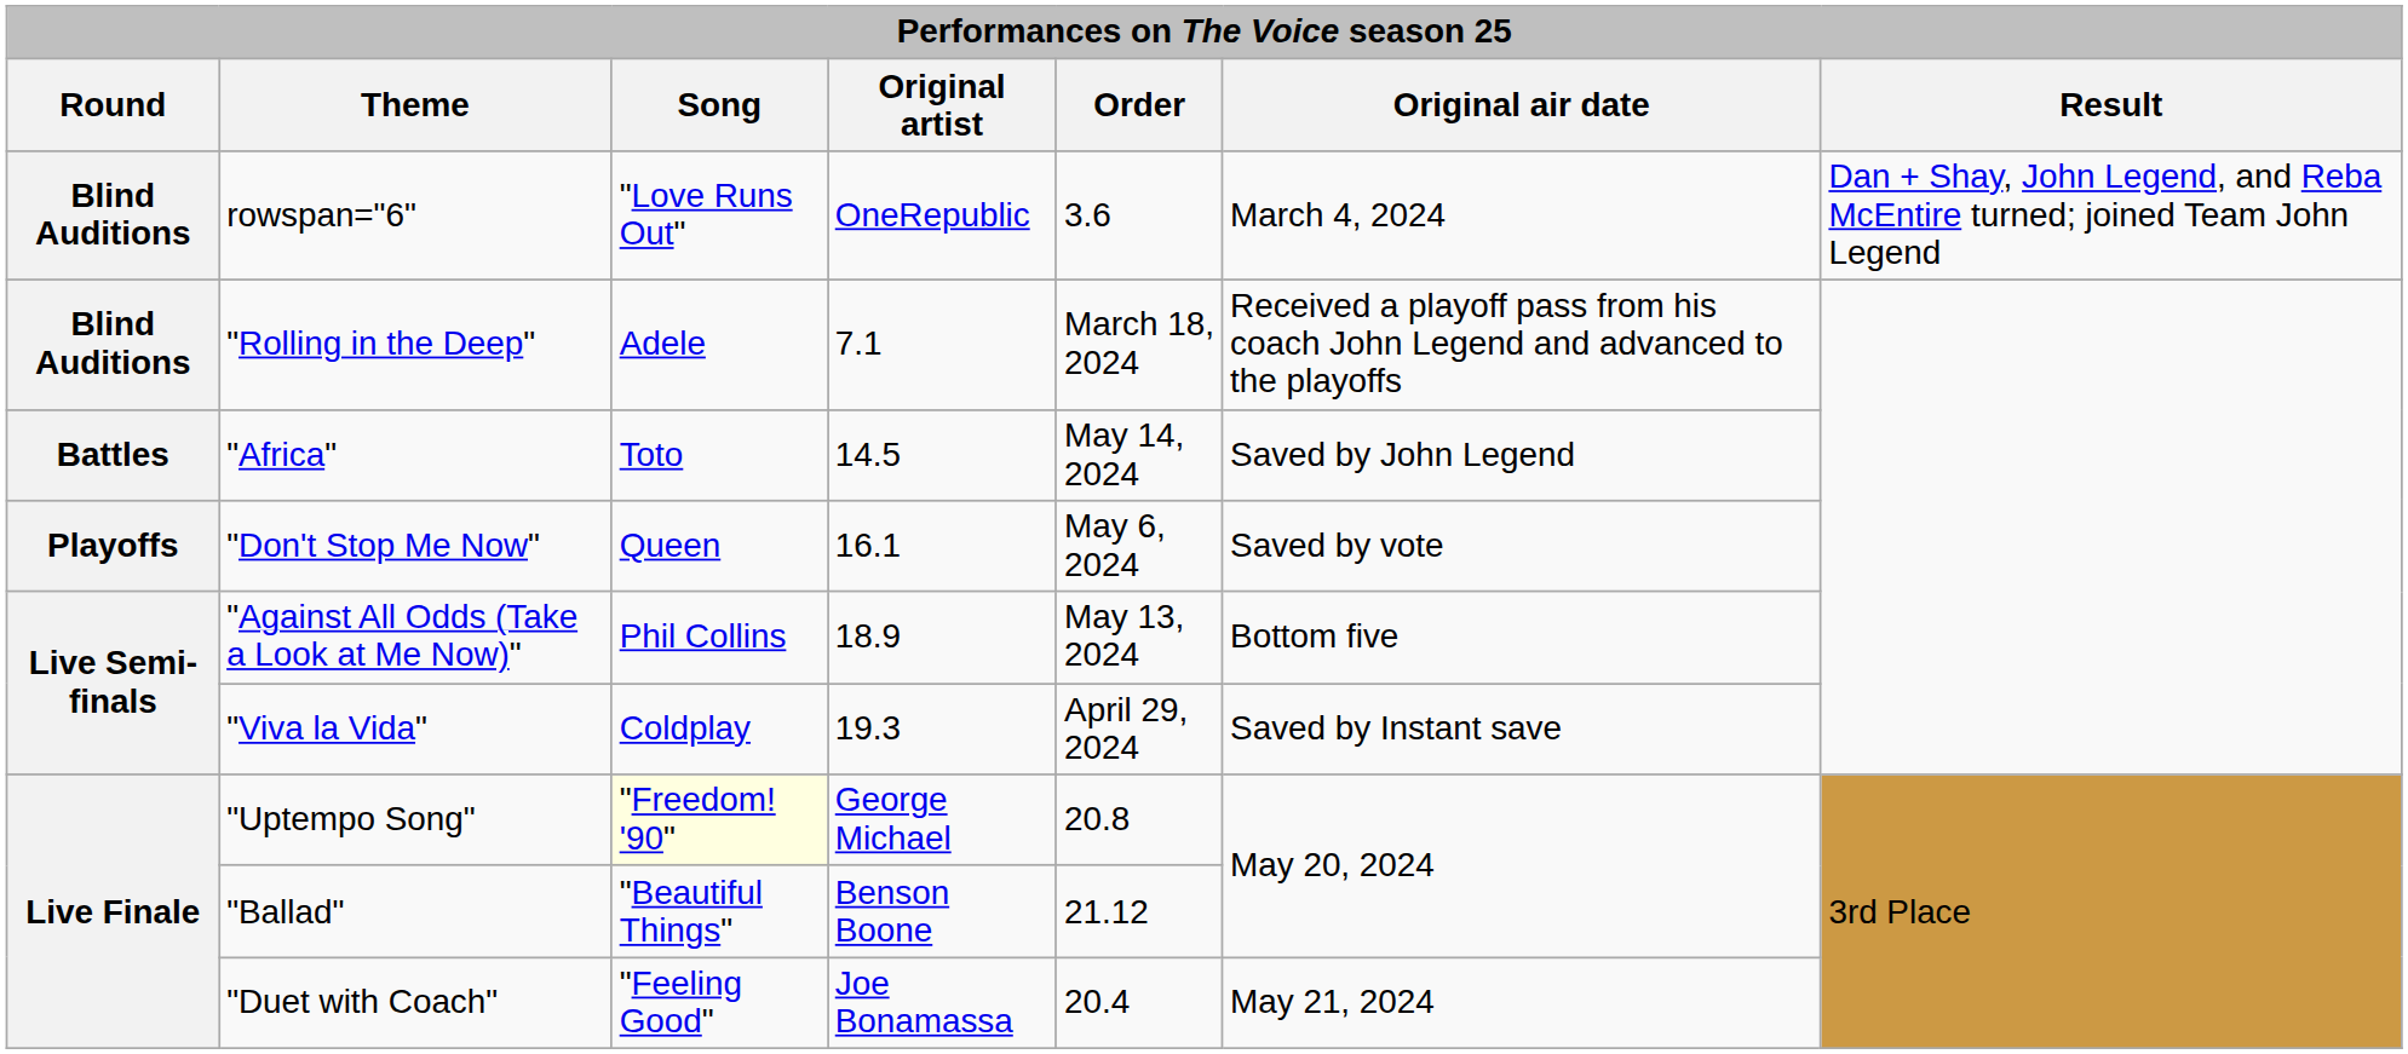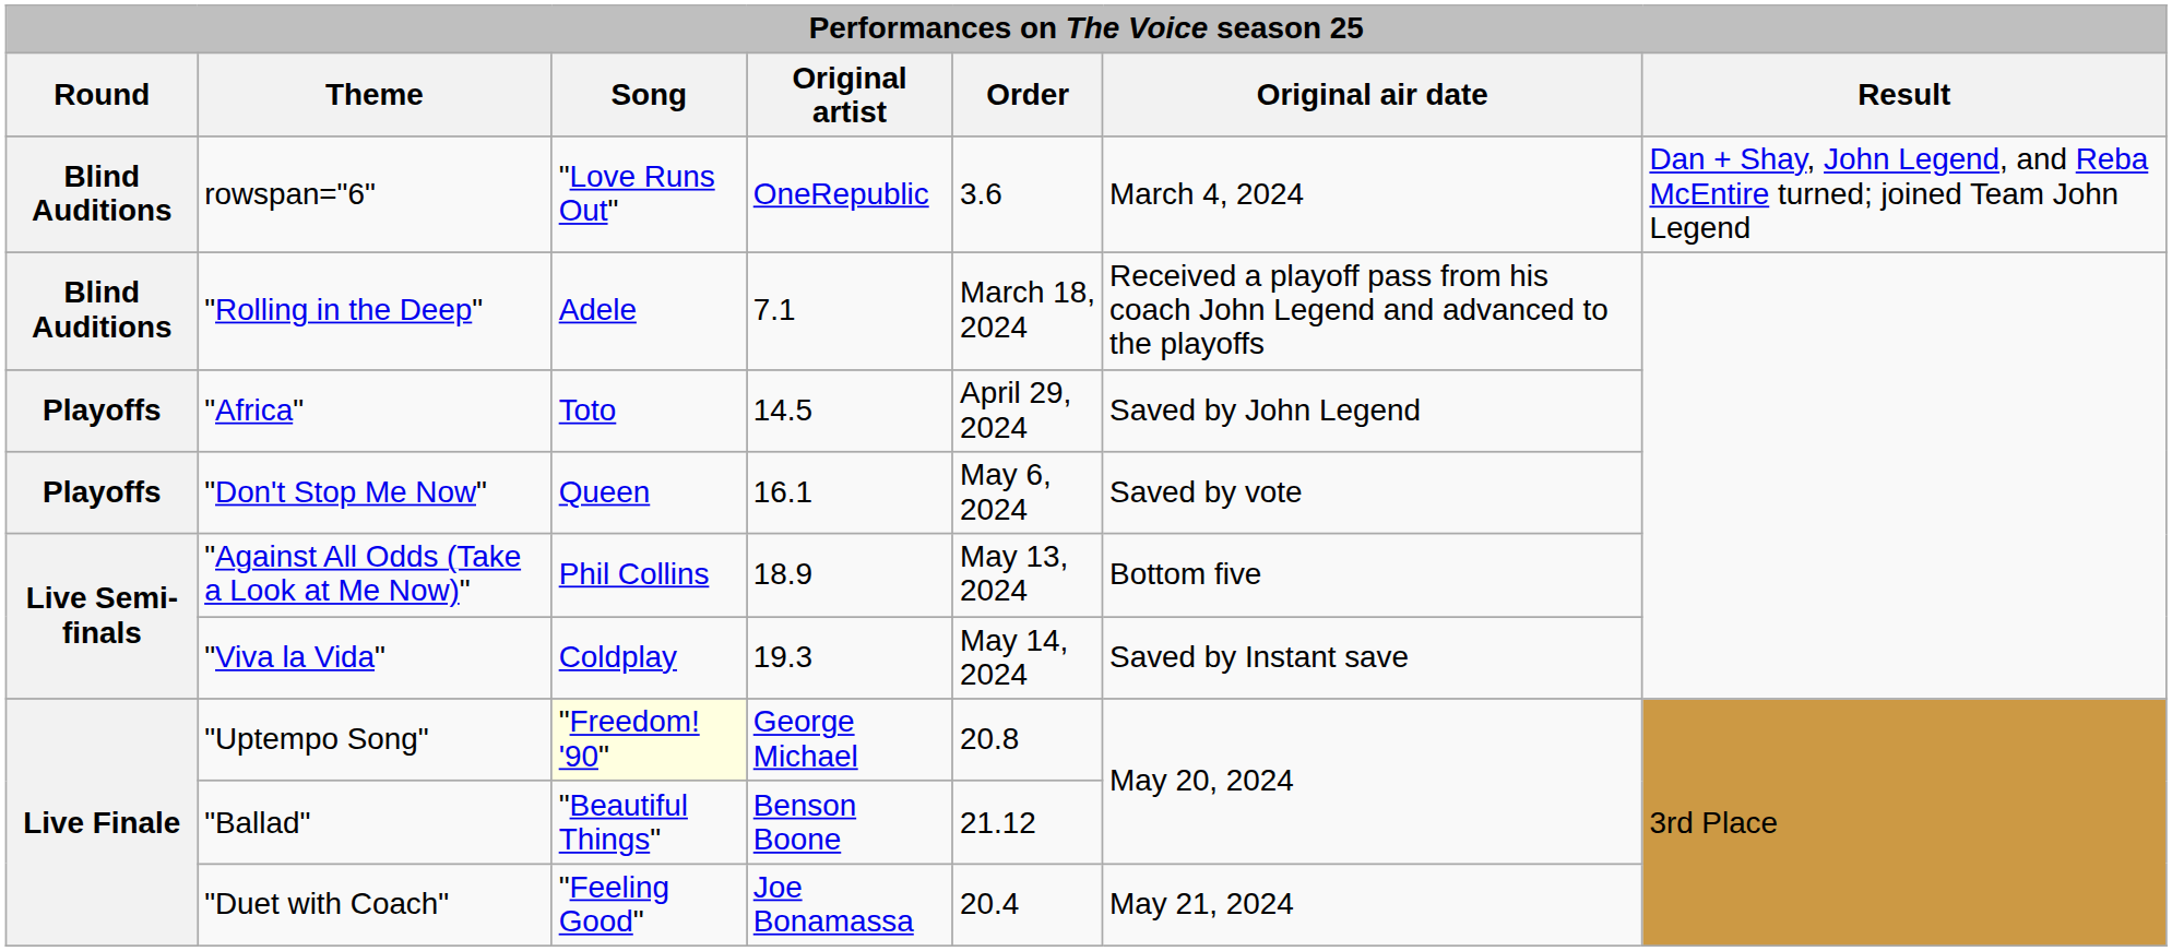 <table class="wikitable collapsible autocollapse" style="width:90%; margin:1em auto 1em auto;">
 <tr>
 <th colspan="7" style="background:#BFBFBF;">Performances on <em>The Voice</em> season 25</th>
 </tr>
 <tr>
 <th>Round</th>
 <th>Theme</th>
 <th>Song</th>
 <th>Original artist</th>
 <th>Order</th>
 <th>Original air date</th>
 <th>Result</th>
 </tr>
 <tr>
 <th scope="row">Blind Auditions</th>
 <td>rowspan="6" </td>
 <td>"<a href='#'>Love Runs Out</a>"</td>
 <td><a href='#'>OneRepublic</a></td>
 <td>3.6</td>
 <td>March 4, 2024</td>
 <td><a href='#'>Dan + Shay</a>, <a href='#'>John Legend</a>, and <a href='#'>Reba McEntire</a> turned; joined Team John Legend</td>
 </tr>
 <tr>
 <th scope="row">Blind Auditions</th>
 <td>"<a href='#'>Rolling in the Deep</a>" </td>
 <td><a href='#'>Adele</a></td>
 <td>7.1</td>
 <td>March 18, 2024</td>
 <td>Received a playoff pass from his coach John Legend and advanced to the playoffs</td>
 </tr>
 <tr>
-<th scope="row">Battles<br></th>
+<th scope="row">Playoffs<br></th>
 <td>"<a href='#'>Africa</a>"</td>
 <td><a href='#'>Toto</a>  </td>
 <td>14.5</td>
-<td>May 14, 2024</td>
+<td>April 29, 2024</td>
 <td>Saved by John Legend</td>
 </tr>
 <tr>
 <th scope="row">Playoffs<br></th>
 <td>"<a href='#'>Don't Stop Me Now</a>"</td>
 <td><a href='#'>Queen</a></td>
 <td>16.1</td>
 <td>May 6, 2024</td>
 <td>Saved by vote</td>
 </tr>
 <tr>
 <th rowspan="2" scope="row">Live Semi-finals<br></th>
 <td>"<a href='#'>Against All Odds (Take a Look at Me Now)</a>"</td>
 <td><a href='#'>Phil Collins</a></td>
 <td>18.9</td>
 <td>May 13, 2024</td>
 <td>Bottom five</td>
 </tr>
 <tr>
 <td>"<a href='#'>Viva la Vida</a>"</td>
 <td><a href='#'>Coldplay</a></td>
 <td>19.3</td>
-<td>April 29, 2024</td>
+<td>May 14, 2024</td>
 <td>Saved by Instant save</td>
 </tr>
 <tr>
 <th rowspan=3>Live Finale<br></th>
 <td>"Uptempo Song"</td>
 <td style="background: lightyellow;">"<a href='#'>Freedom! '90</a>"</td>
 <td><a href='#'>George Michael</a></td>
 <td>20.8</td>
 <td rowspan="2">May 20, 2024</td>
 <td ! rowspan=3 style="background:#c94;">3rd Place</td>
 </tr>
 <tr>
 <td>"Ballad"</td>
 <td>"<a href='#'>Beautiful Things</a>"</td>
 <td><a href='#'>Benson Boone</a></td>
 <td>21.12</td>
 </tr>
 <tr>
 <td>"Duet with Coach"</td>
 <td>"<a href='#'>Feeling Good</a>" </td>
 <td><a href='#'>Joe Bonamassa</a></td>
 <td>20.4</td>
 <td>May 21, 2024</td>
 </tr>
 </table>
